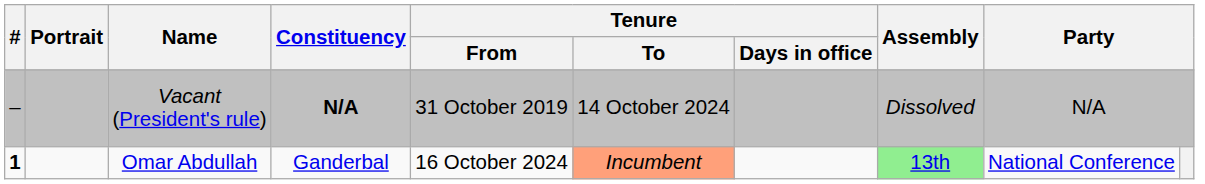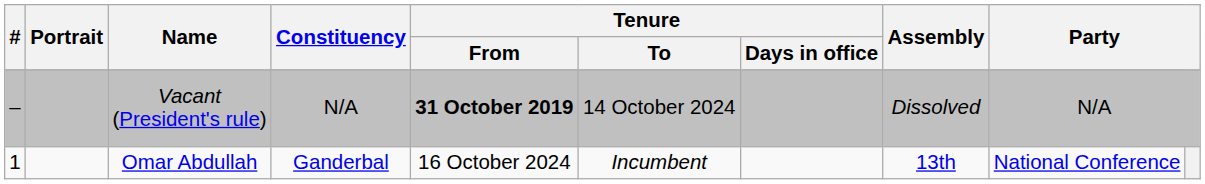 <table class="wikitable" style="text-align:center">
 <tr>
 <th rowspan="2">#</th>
 <th rowspan="2">Portrait</th>
 <th rowspan="2">Name</th>
 <th rowspan="2"><a href='#'>Constituency</a></th>
 <th colspan="3">Tenure</th>
 <th rowspan="2">Assembly</th>
 <th colspan="2" rowspan="2">Party</th>
 </tr>
 <tr>
 <th>From</th>
 <th>To</th>
 <th>Days in office</th>
 </tr>
 <tr align="center" style="height: 60px;">
 <td style="background:silver;">–</td>
 <th style="background:silver;"></th>
 <td style="background:silver;"><em>Vacant</em><br>(<a href='#'>President's rule</a>)</td>
-<td style="background:silver;"><strong>N/A</strong></td>
-<td style="background:silver;">31 October 2019</td>
+<td style="background:silver;">N/A</td>
+<td style="background:silver;"><strong>31 October 2019</strong></td>
 <td style="background:silver;">14 October 2024</td>
 <td style="background:silver;"></td>
 <td style="background:silver;"><em>Dissolved</em></td>
 <td colspan="2" style="background:silver;">N/A</td>
 </tr>
 <tr>
-<td><strong>1</strong></td>
+<td>1</td>
 <td></td>
 <td><a href='#'>Omar Abdullah</a></td>
 <td><a href='#'>Ganderbal</a></td>
 <td>16 October 2024</td>
-<td style="background: lightsalmon;"><em>Incumbent</em></td>
+<td><em>Incumbent</em></td>
 <td></td>
-<td style="background: lightgreen;"><a href='#'>13th</a><br></td>
+<td><a href='#'>13th</a><br></td>
 <td><a href='#'>National Conference</a></td>
 <th width="4px" style="background-color: "></th>
 </tr>
 </table>
